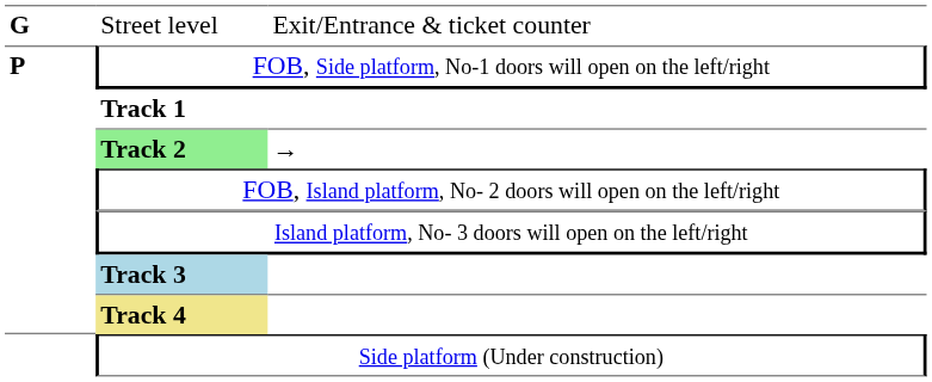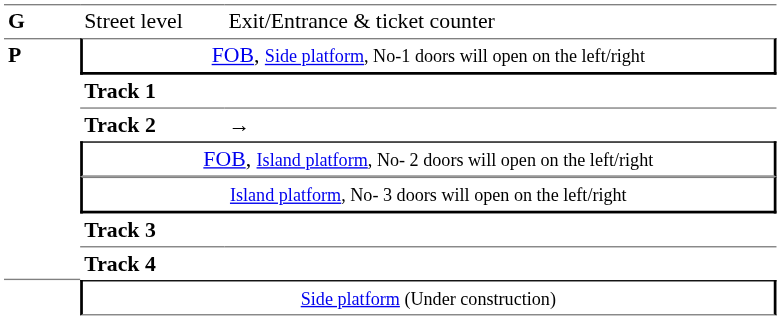 <table table border=0 cellspacing=0 cellpadding=3>
 <tr>
 <td style="border-top:solid 1px gray;" width=50 valign=top><strong>G</strong></td>
 <td style="border-top:solid 1px gray;" width=100 valign=top>Street level</td>
 <td style="border-top:solid 1px gray;" width=400 valign=top>Exit/Entrance & ticket counter</td>
 </tr>
 <tr>
 <td rowspan="7" style="border-top:solid 1px gray;border-bottom:solid 1px gray;" width="50" valign="top"><strong>P</strong></td>
 <td style="border-top:solid 1px gray;border-right:solid 2px black;border-left:solid 2px black;border-bottom:solid 2px black;text-align:center;" colspan=2><a href='#'>FOB</a>, <small><a href='#'>Side platform</a>, No-1 doors will open on the left/right</small></td>
 </tr>
 <tr>
 <td style="border-bottom:solid 1px gray;" width=100><strong>Track 1</strong></td>
 <td style="border-bottom:solid 1px gray;" width=400></td>
 </tr>
 <tr>
-<td style="background: lightgreen;"><strong>Track 2</strong></td>
+<td><strong>Track 2</strong></td>
 <td><span>→</span></td>
 </tr>
 <tr>
 <td style="border-top:solid 1px black;border-right:solid 2px black;border-left:solid 2px black;border-bottom:solid 1px gray;text-align:center;" colspan=2><a href='#'>FOB</a>, <small><a href='#'>Island platform</a>, No- 2 doors will open on the left/right</small></td>
 </tr>
 <tr>
 <td style="border-top:solid 1px gray;border-right:solid 2px black;border-left:solid 2px black;border-bottom:solid 2px black;text-align:center;" colspan=2><small><a href='#'>Island platform</a>, No- 3 doors will open on the left/right</small></td>
 </tr>
 <tr>
-<td style="background: lightblue; border-bottom:solid 1px gray;" width=100><strong>Track 3</strong></td>
+<td style="border-bottom:solid 1px gray;" width=100><strong>Track 3</strong></td>
 <td style="border-bottom:solid 1px gray;" width="400"></td>
 </tr>
 <tr>
-<td style="background: khaki;"><strong>Track 4</strong></td>
+<td><strong>Track 4</strong></td>
 </tr>
 <tr>
 <td></td>
 <td style="border-top:solid 1px black;border-right:solid 2px black;border-left:solid 2px black;border-bottom:solid 1px gray;text-align:center;" colspan=2><small><a href='#'>Side platform</a> (Under construction)</small></td>
 </tr>
 <tr>
 </tr>
 </table>
